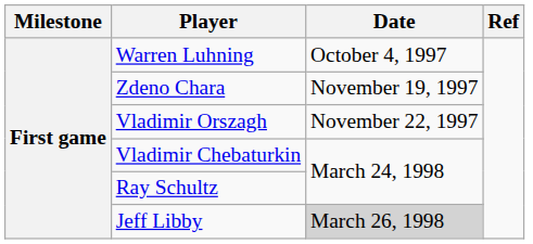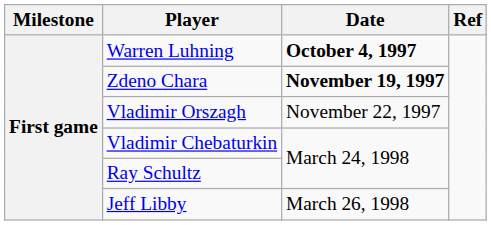 <table class="wikitable">
 <tr>
 <th scope="col">Milestone</th>
 <th scope="col">Player</th>
 <th scope="col">Date</th>
 <th scope="col">Ref</th>
 </tr>
 <tr>
 <th rowspan=6>First game</th>
 <td><a href='#'>Warren Luhning</a></td>
-<td>October 4, 1997</td>
+<td><strong>October 4, 1997</strong></td>
 <td rowspan=6></td>
 </tr>
 <tr>
 <td><a href='#'>Zdeno Chara</a></td>
-<td>November 19, 1997</td>
+<td><strong>November 19, 1997</strong></td>
 </tr>
 <tr>
 <td><a href='#'>Vladimir Orszagh</a></td>
 <td>November 22, 1997</td>
 </tr>
 <tr>
 <td><a href='#'>Vladimir Chebaturkin</a></td>
 <td rowspan=2>March 24, 1998</td>
 </tr>
 <tr>
 <td><a href='#'>Ray Schultz</a></td>
 </tr>
 <tr>
 <td><a href='#'>Jeff Libby</a></td>
-<td style="background: lightgrey;">March 26, 1998</td>
+<td>March 26, 1998</td>
 </tr>
 </table>
